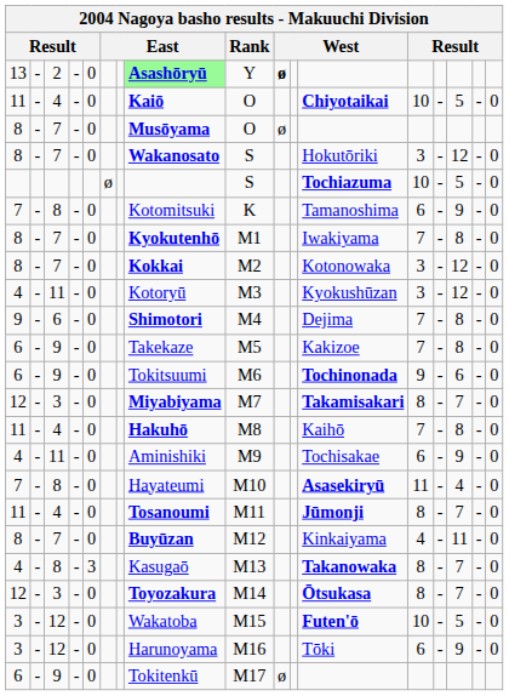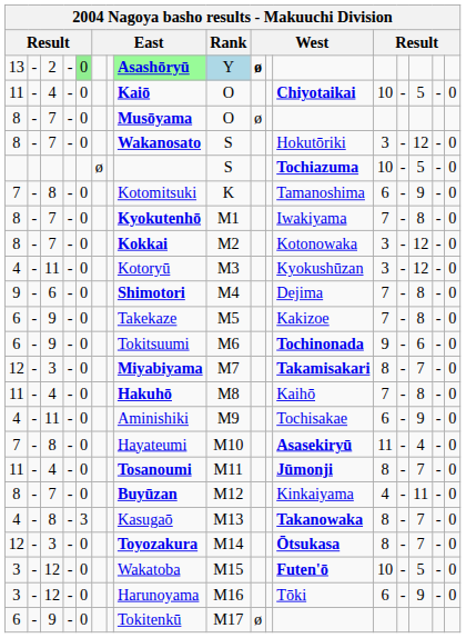 <table class="wikitable">
 <tr>
 <th colspan="17">2004 Nagoya basho results - Makuuchi Division</th>
 </tr>
 <tr>
 <th colspan="5">Result</th>
 <th colspan="3">East</th>
 <th>Rank</th>
 <th colspan="3">West</th>
 <th colspan="5">Result</th>
 </tr>
 <tr>
 <td align=center>13</td>
 <td align=center>-</td>
 <td align=center>2</td>
 <td align=center>-</td>
-<td align=center>0</td>
+<td align=center style="background: lightgreen;">0</td>
 <td align=center></td>
 <td align=center></td>
 <td style="background: PaleGreen;"><strong><a href='#'>Asashōryū</a></strong></td>
-<td align=center>Y</td>
+<td align=center style="background: lightblue;">Y</td>
 <td align=center><strong>ø</strong></td>
 <td align=center></td>
 <td></td>
 <td align=center></td>
 <td align=center></td>
 <td align=center></td>
 <td align=center></td>
 <td align=center></td>
 </tr>
 <tr>
 <td align=center>11</td>
 <td align=center>-</td>
 <td align=center>4</td>
 <td align=center>-</td>
 <td align=center>0</td>
 <td align=center></td>
 <td align=center></td>
 <td><strong><a href='#'>Kaiō</a></strong></td>
 <td align=center>O</td>
 <td align=center></td>
 <td align=center></td>
 <td><strong><a href='#'>Chiyotaikai</a></strong></td>
 <td align=center>10</td>
 <td align=center>-</td>
 <td align=center>5</td>
 <td align=center>-</td>
 <td align=center>0</td>
 </tr>
 <tr>
 <td align=center>8</td>
 <td align=center>-</td>
 <td align=center>7</td>
 <td align=center>-</td>
 <td align=center>0</td>
 <td align=center></td>
 <td align=center></td>
 <td><a href='#'><strong>Musōyama</strong></a></td>
 <td align=center>O</td>
 <td align=center>ø</td>
 <td align=center></td>
 <td></td>
 <td align=center></td>
 <td align=center></td>
 <td align=center></td>
 <td align=center></td>
 <td align=center></td>
 </tr>
 <tr>
 <td align=center>8</td>
 <td align=center>-</td>
 <td align=center>7</td>
 <td align=center>-</td>
 <td align=center>0</td>
 <td align=center></td>
 <td align=center></td>
 <td><a href='#'><strong>Wakanosato</strong></a></td>
 <td align=center>S</td>
 <td align=center></td>
 <td align=center></td>
 <td><a href='#'>Hokutōriki</a></td>
 <td align=center>3</td>
 <td align=center>-</td>
 <td align=center>12</td>
 <td align=center>-</td>
 <td align=center>0</td>
 </tr>
 <tr>
 <td align=center></td>
 <td align=center></td>
 <td align=center></td>
 <td align=center></td>
 <td align=center></td>
 <td align=center>ø</td>
 <td align=center></td>
 <td></td>
 <td align=center>S</td>
 <td align=center></td>
 <td align=center></td>
 <td><strong><a href='#'>Tochiazuma</a></strong></td>
 <td align=center>10</td>
 <td align=center>-</td>
 <td align=center>5</td>
 <td align=center>-</td>
 <td align=center>0</td>
 </tr>
 <tr>
 <td align=center>7</td>
 <td align=center>-</td>
 <td align=center>8</td>
 <td align=center>-</td>
 <td align=center>0</td>
 <td align=center></td>
 <td align=center></td>
 <td><a href='#'>Kotomitsuki</a></td>
 <td align=center>K</td>
 <td align=center></td>
 <td align=center></td>
 <td><a href='#'>Tamanoshima</a></td>
 <td align=center>6</td>
 <td align=center>-</td>
 <td align=center>9</td>
 <td align=center>-</td>
 <td align=center>0</td>
 </tr>
 <tr>
 <td align=center>8</td>
 <td align=center>-</td>
 <td align=center>7</td>
 <td align=center>-</td>
 <td align=center>0</td>
 <td align=center></td>
 <td align=center></td>
 <td><a href='#'><strong>Kyokutenhō</strong></a></td>
 <td align=center>M1</td>
 <td align=center></td>
 <td align=center></td>
 <td><a href='#'>Iwakiyama</a></td>
 <td align=center>7</td>
 <td align=center>-</td>
 <td align=center>8</td>
 <td align=center>-</td>
 <td align=center>0</td>
 </tr>
 <tr>
 <td align=center>8</td>
 <td align=center>-</td>
 <td align=center>7</td>
 <td align=center>-</td>
 <td align=center>0</td>
 <td align=center></td>
 <td align=center></td>
 <td><strong><a href='#'>Kokkai</a></strong></td>
 <td align=center>M2</td>
 <td align=center></td>
 <td align=center></td>
 <td><a href='#'>Kotonowaka</a></td>
 <td align=center>3</td>
 <td align=center>-</td>
 <td align=center>12</td>
 <td align=center>-</td>
 <td align=center>0</td>
 </tr>
 <tr>
 <td align=center>4</td>
 <td align=center>-</td>
 <td align=center>11</td>
 <td align=center>-</td>
 <td align=center>0</td>
 <td align=center></td>
 <td align=center></td>
 <td><a href='#'>Kotoryū</a></td>
 <td align=center>M3</td>
 <td align=center></td>
 <td align=center></td>
 <td><a href='#'>Kyokushūzan</a></td>
 <td align=center>3</td>
 <td align=center>-</td>
 <td align=center>12</td>
 <td align=center>-</td>
 <td align=center>0</td>
 </tr>
 <tr>
 <td align=center>9</td>
 <td align=center>-</td>
 <td align=center>6</td>
 <td align=center>-</td>
 <td align=center>0</td>
 <td align=center></td>
 <td align=center></td>
 <td><a href='#'><strong>Shimotori</strong></a></td>
 <td align=center>M4</td>
 <td align=center></td>
 <td align=center></td>
 <td><a href='#'>Dejima</a></td>
 <td align=center>7</td>
 <td align=center>-</td>
 <td align=center>8</td>
 <td align=center>-</td>
 <td align=center>0</td>
 </tr>
 <tr>
 <td align=center>6</td>
 <td align=center>-</td>
 <td align=center>9</td>
 <td align=center>-</td>
 <td align=center>0</td>
 <td align=center></td>
 <td align=center></td>
 <td><a href='#'>Takekaze</a></td>
 <td align=center>M5</td>
 <td align=center></td>
 <td align=center></td>
 <td><a href='#'>Kakizoe</a></td>
 <td align=center>7</td>
 <td align=center>-</td>
 <td align=center>8</td>
 <td align=center>-</td>
 <td align=center>0</td>
 </tr>
 <tr>
 <td align=center>6</td>
 <td align=center>-</td>
 <td align=center>9</td>
 <td align=center>-</td>
 <td align=center>0</td>
 <td align=center></td>
 <td align=center></td>
 <td><a href='#'>Tokitsuumi</a></td>
 <td align=center>M6</td>
 <td align=center></td>
 <td align=center></td>
 <td><a href='#'><strong>Tochinonada</strong></a></td>
 <td align=center>9</td>
 <td align=center>-</td>
 <td align=center>6</td>
 <td align=center>-</td>
 <td align=center>0</td>
 </tr>
 <tr>
 <td align=center>12</td>
 <td align=center>-</td>
 <td align=center>3</td>
 <td align=center>-</td>
 <td align=center>0</td>
 <td align=center></td>
 <td align=center></td>
 <td><a href='#'><strong>Miyabiyama</strong></a></td>
 <td align=center>M7</td>
 <td align=center></td>
 <td align=center></td>
 <td><a href='#'><strong>Takamisakari</strong></a></td>
 <td align=center>8</td>
 <td align=center>-</td>
 <td align=center>7</td>
 <td align=center>-</td>
 <td align=center>0</td>
 </tr>
 <tr>
 <td align=center>11</td>
 <td align=center>-</td>
 <td align=center>4</td>
 <td align=center>-</td>
 <td align=center>0</td>
 <td align=center></td>
 <td align=center></td>
 <td><strong><a href='#'>Hakuhō</a></strong></td>
 <td align=center>M8</td>
 <td align=center></td>
 <td align=center></td>
 <td><a href='#'>Kaihō</a></td>
 <td align=center>7</td>
 <td align=center>-</td>
 <td align=center>8</td>
 <td align=center>-</td>
 <td align=center>0</td>
 </tr>
 <tr>
 <td align=center>4</td>
 <td align=center>-</td>
 <td align=center>11</td>
 <td align=center>-</td>
 <td align=center>0</td>
 <td align=center></td>
 <td align=center></td>
 <td><a href='#'>Aminishiki</a></td>
 <td align=center>M9</td>
 <td align=center></td>
 <td align=center></td>
 <td><a href='#'>Tochisakae</a></td>
 <td align=center>6</td>
 <td align=center>-</td>
 <td align=center>9</td>
 <td align=center>-</td>
 <td align=center>0</td>
 </tr>
 <tr>
 <td align=center>7</td>
 <td align=center>-</td>
 <td align=center>8</td>
 <td align=center>-</td>
 <td align=center>0</td>
 <td align=center></td>
 <td align=center></td>
 <td><a href='#'>Hayateumi</a></td>
 <td align=center>M10</td>
 <td align=center></td>
 <td align=center></td>
 <td><a href='#'><strong>Asasekiryū</strong></a></td>
 <td align=center>11</td>
 <td align=center>-</td>
 <td align=center>4</td>
 <td align=center>-</td>
 <td align=center>0</td>
 </tr>
 <tr>
 <td align=center>11</td>
 <td align=center>-</td>
 <td align=center>4</td>
 <td align=center>-</td>
 <td align=center>0</td>
 <td align=center></td>
 <td align=center></td>
 <td><a href='#'><strong>Tosanoumi</strong></a></td>
 <td align=center>M11</td>
 <td align=center></td>
 <td align=center></td>
 <td><strong><a href='#'>Jūmonji</a></strong></td>
 <td align=center>8</td>
 <td align=center>-</td>
 <td align=center>7</td>
 <td align=center>-</td>
 <td align=center>0</td>
 </tr>
 <tr>
 <td align=center>8</td>
 <td align=center>-</td>
 <td align=center>7</td>
 <td align=center>-</td>
 <td align=center>0</td>
 <td align=center></td>
 <td align=center></td>
 <td><a href='#'><strong>Buyūzan</strong></a></td>
 <td align=center>M12</td>
 <td align=center></td>
 <td align=center></td>
 <td><a href='#'>Kinkaiyama</a></td>
 <td align=center>4</td>
 <td align=center>-</td>
 <td align=center>11</td>
 <td align=center>-</td>
 <td align=center>0</td>
 </tr>
 <tr>
 <td align=center>4</td>
 <td align=center>-</td>
 <td align=center>8</td>
 <td align=center>-</td>
 <td align=center>3</td>
 <td align=center></td>
 <td align=center></td>
 <td><a href='#'>Kasugaō</a></td>
 <td align=center>M13</td>
 <td align=center></td>
 <td align=center></td>
 <td><a href='#'><strong>Takanowaka</strong></a></td>
 <td align=center>8</td>
 <td align=center>-</td>
 <td align=center>7</td>
 <td align=center>-</td>
 <td align=center>0</td>
 </tr>
 <tr>
 <td align=center>12</td>
 <td align=center>-</td>
 <td align=center>3</td>
 <td align=center>-</td>
 <td align=center>0</td>
 <td align=center></td>
 <td align=center></td>
 <td><a href='#'><strong>Toyozakura</strong></a></td>
 <td align=center>M14</td>
 <td align=center></td>
 <td align=center></td>
 <td><a href='#'><strong>Ōtsukasa</strong></a></td>
 <td align=center>8</td>
 <td align=center>-</td>
 <td align=center>7</td>
 <td align=center>-</td>
 <td align=center>0</td>
 </tr>
 <tr>
 <td align=center>3</td>
 <td align=center>-</td>
 <td align=center>12</td>
 <td align=center>-</td>
 <td align=center>0</td>
 <td align=center></td>
 <td align=center></td>
 <td><a href='#'>Wakatoba</a></td>
 <td align=center>M15</td>
 <td align=center></td>
 <td align=center></td>
 <td><a href='#'><strong>Futen'ō</strong></a></td>
 <td align=center>10</td>
 <td align=center>-</td>
 <td align=center>5</td>
 <td align=center>-</td>
 <td align=center>0</td>
 </tr>
 <tr>
 <td align=center>3</td>
 <td align=center>-</td>
 <td align=center>12</td>
 <td align=center>-</td>
 <td align=center>0</td>
 <td align=center></td>
 <td align=center></td>
 <td><a href='#'>Harunoyama</a></td>
 <td align=center>M16</td>
 <td align=center></td>
 <td align=center></td>
 <td><a href='#'>Tōki</a></td>
 <td align=center>6</td>
 <td align=center>-</td>
 <td align=center>9</td>
 <td align=center>-</td>
 <td align=center>0</td>
 </tr>
 <tr>
 <td align=center>6</td>
 <td align=center>-</td>
 <td align=center>9</td>
 <td align=center>-</td>
 <td align=center>0</td>
 <td align=center></td>
 <td align=center></td>
 <td><a href='#'>Tokitenkū</a></td>
 <td align=center>M17</td>
 <td align=center>ø</td>
 <td align=center></td>
 <td></td>
 <td align=center></td>
 <td align=center></td>
 <td align=center></td>
 <td align=center></td>
 <td align=center></td>
 </tr>
 </table>
